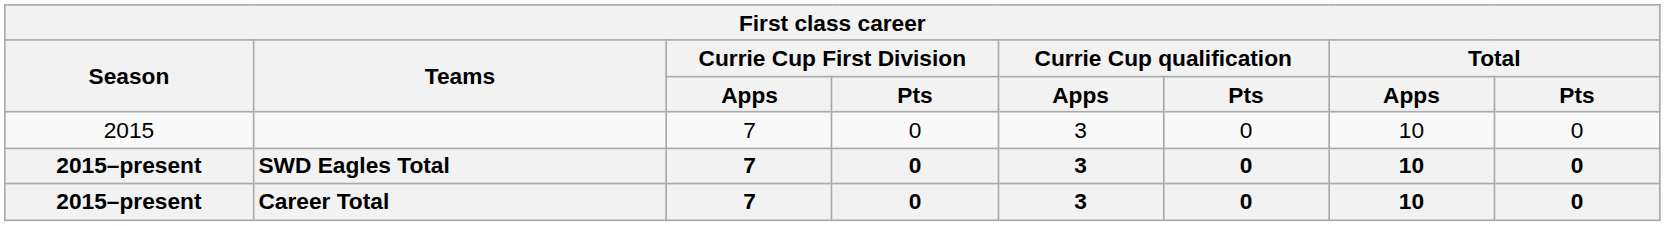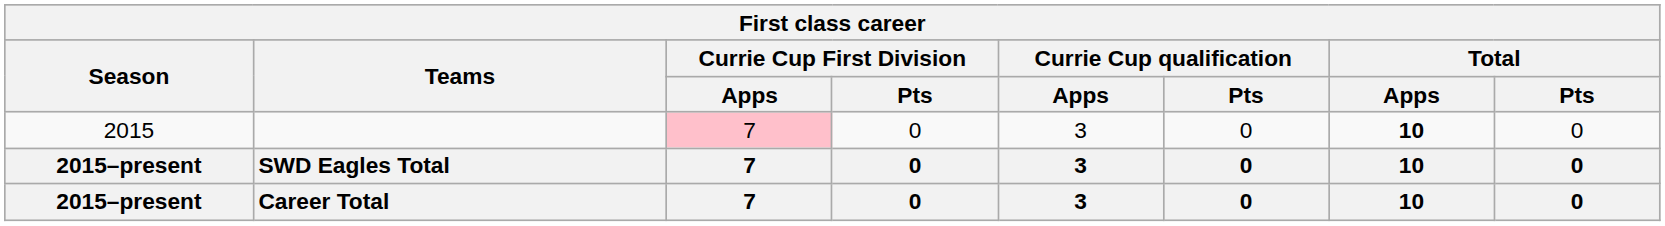 <table class="wikitable" style="text-align:center; font-size:85%; width:50%">
 <tr>
 <th colspan=100%>First class career</th>
 </tr>
 <tr>
 <th style="width:15%;" rowspan=2>Season</th>
 <th style="width:25%;" rowspan=2>Teams</th>
 <th colspan=2>Currie Cup First Division</th>
 <th colspan=2>Currie Cup qualification</th>
 <th colspan=2>Total</th>
 </tr>
 <tr>
 <th style="width:10%;">Apps</th>
 <th style="width:10%;">Pts</th>
 <th style="width:10%;">Apps</th>
 <th style="width:10%;">Pts</th>
 <th style="width:10%;">Apps</th>
 <th style="width:10%;">Pts</th>
 </tr>
 <tr>
 <td>2015</td>
 <td style="text-align:left;"></td>
-<td>7</td>
+<td style="background: pink;">7</td>
 <td>0</td>
 <td>3</td>
 <td>0</td>
-<td>10</td>
+<td><strong>10</strong></td>
 <td>0</td>
 </tr>
 <tr>
 <th>2015–present</th>
 <th style="text-align:left;">SWD Eagles Total</th>
 <th>7</th>
 <th>0</th>
 <th>3</th>
 <th>0</th>
 <th>10</th>
 <th>0</th>
 </tr>
 <tr>
 <th>2015–present</th>
 <th style="text-align:left;">Career Total</th>
 <th>7</th>
 <th>0</th>
 <th>3</th>
 <th>0</th>
 <th>10</th>
 <th>0</th>
 </tr>
 </table>
